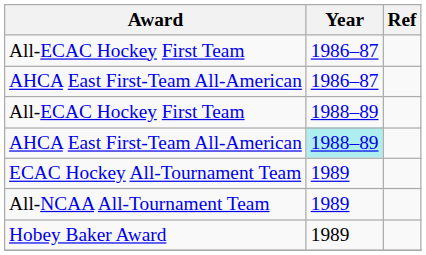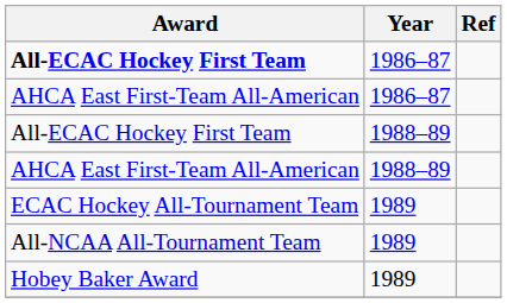 <table class="wikitable">
 <tr>
 <th>Award</th>
 <th>Year</th>
 <th>Ref</th>
 </tr>
 <tr>
-<td>All-<a href='#'>ECAC Hockey</a> <a href='#'>First Team</a></td>
+<td><strong>All-<a href='#'>ECAC Hockey</a> <a href='#'>First Team</a></strong></td>
 <td><a href='#'>1986–87</a></td>
 <td></td>
 </tr>
 <tr>
 <td><a href='#'>AHCA</a> <a href='#'>East First-Team All-American</a></td>
 <td><a href='#'>1986–87</a></td>
 <td></td>
 </tr>
 <tr>
 <td>All-<a href='#'>ECAC Hockey</a> <a href='#'>First Team</a></td>
 <td><a href='#'>1988–89</a></td>
 <td></td>
 </tr>
 <tr>
 <td><a href='#'>AHCA</a> <a href='#'>East First-Team All-American</a></td>
-<td style="background: paleturquoise;"><a href='#'>1988–89</a></td>
+<td><a href='#'>1988–89</a></td>
 <td></td>
 </tr>
 <tr>
 <td><a href='#'>ECAC Hockey</a> <a href='#'>All-Tournament Team</a></td>
 <td><a href='#'>1989</a></td>
 <td></td>
 </tr>
 <tr>
 <td>All-<a href='#'>NCAA</a> <a href='#'>All-Tournament Team</a></td>
 <td><a href='#'>1989</a></td>
 <td></td>
 </tr>
 <tr>
 <td><a href='#'>Hobey Baker Award</a></td>
 <td>1989</td>
 <td></td>
 </tr>
 <tr>
 </tr>
 </table>
